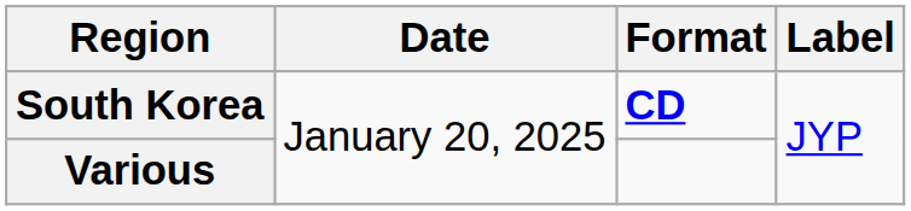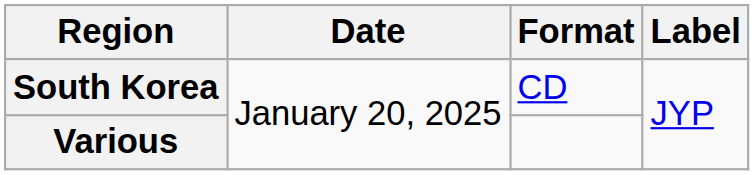 <table class="wikitable plainrowheaders">
 <tr>
 <th scope="col">Region</th>
 <th scope="col">Date</th>
 <th scope="col">Format</th>
 <th scope="col">Label</th>
 </tr>
 <tr>
 <th scope="row">South Korea</th>
 <td rowspan="2">January 20, 2025</td>
-<td><strong><a href='#'>CD</a></strong></td>
+<td><a href='#'>CD</a></td>
 <td rowspan="2"><a href='#'>JYP</a></td>
 </tr>
 <tr>
 <th scope="row">Various</th>
 <td></td>
 </tr>
 </table>
